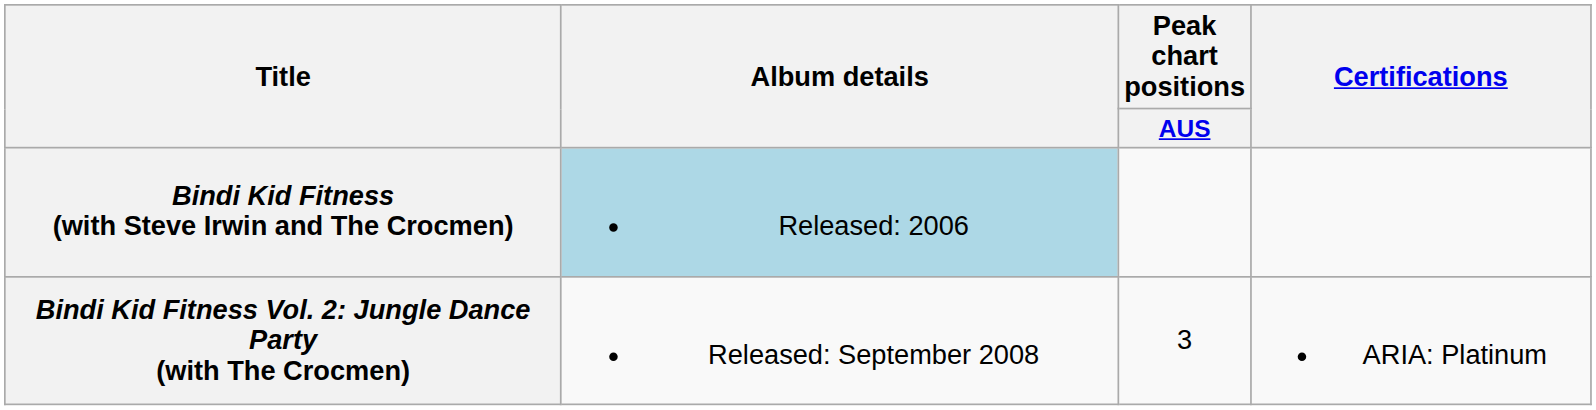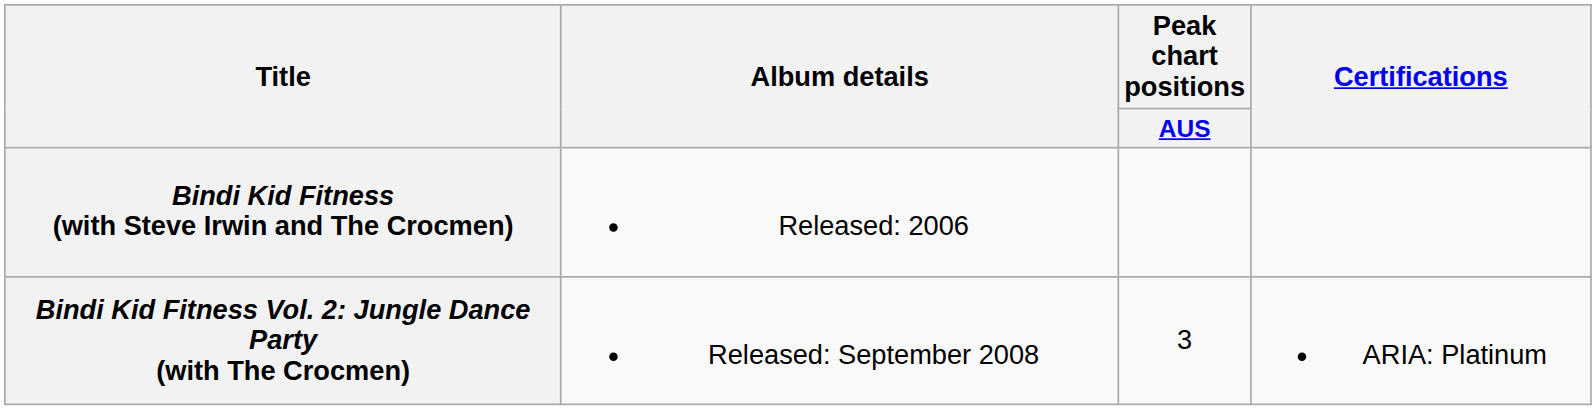 <table class="wikitable plainrowheaders" style="text-align:center;">
 <tr>
 <th scope="col" rowspan="2" style="width:20em;">Title</th>
 <th scope="col" rowspan="2" style="width:20em;">Album details</th>
 <th scope="col" colspan="1">Peak chart positions</th>
 <th scope="col" rowspan="2" style="width:12em;"><a href='#'>Certifications</a></th>
 </tr>
 <tr>
 <th scope="col" style="width:3em;font-size:90%;"><a href='#'>AUS</a><br></th>
 </tr>
 <tr>
 <th scope="row"><em>Bindi Kid Fitness</em><br>(with Steve Irwin and The Crocmen)</th>
-<td style="background: lightblue;"><br><ul><li>Released: 2006</li></ul></td>
+<td><br><ul><li>Released: 2006</li></ul></td>
 <td></td>
 <td></td>
 </tr>
 <tr>
 <th scope="row"><em>Bindi Kid Fitness Vol. 2: Jungle Dance Party</em> <br>(with The Crocmen)</th>
 <td><br><ul><li>Released: September 2008</li></ul></td>
 <td>3</td>
 <td><br><ul><li>ARIA: Platinum</li></ul></td>
 </tr>
 </table>
